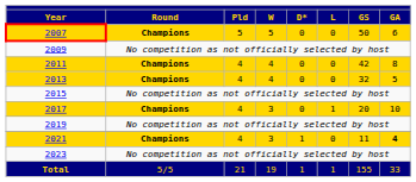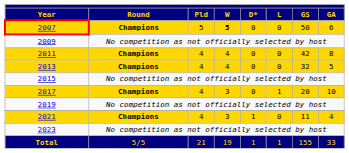 <table class="wikitable" style="text-align: center;font-size:90%;">
 <tr>
 <th style="background:#000080;" colspan=8></th>
 </tr>
 <tr style="color:gold;">
 <th style="background:#000080;" width=125>Year</th>
 <th style="background:#000080;" width=150>Round</th>
 <th style="background:#000080;" width=35>Pld</th>
 <th style="background:#000080;" width=35>W</th>
 <th style="background:#000080;" width=35>D*</th>
 <th style="background:#000080;" width=35>L</th>
 <th style="background:#000080;" width=35>GS</th>
 <th style="background:#000080;" width=35>GA</th>
 </tr>
 <tr>
 </tr>
 <tr bgcolor=gold>
 <td style="border: 3px solid red"> <a href='#'>2007</a></td>
 <td><strong>Champions</strong></td>
 <td>5</td>
-<td>5</td>
+<td><strong>5</strong></td>
 <td>0</td>
 <td>0</td>
 <td>50</td>
 <td>6</td>
 </tr>
 <tr>
 <td> <a href='#'>2009</a></td>
 <td colspan=8><em>No competition as not officially selected by host</em></td>
 </tr>
 <tr bgcolor=gold>
 <td> <a href='#'>2011</a></td>
 <td><strong>Champions</strong></td>
 <td>4</td>
 <td>4</td>
 <td>0</td>
 <td>0</td>
 <td>42</td>
 <td>8</td>
 </tr>
 <tr bgcolor=gold>
 <td> <a href='#'>2013</a></td>
 <td><strong>Champions</strong></td>
 <td>4</td>
 <td>4</td>
 <td>0</td>
 <td>0</td>
 <td>32</td>
 <td>5</td>
 </tr>
 <tr>
 <td> <a href='#'>2015</a></td>
 <td colspan=8><em>No competition as not officially selected by host</em></td>
 </tr>
 <tr bgcolor=gold>
 <td> <a href='#'>2017</a></td>
 <td><strong>Champions</strong></td>
 <td>4</td>
 <td>3</td>
 <td>0</td>
 <td>1</td>
 <td>20</td>
 <td>10</td>
 </tr>
 <tr>
 <td> <a href='#'>2019</a></td>
 <td colspan=8><em>No competition as not officially selected by host</em></td>
 </tr>
 <tr bgcolor="#000080" style="color:gold;">
 </tr>
 <tr bgcolor=gold>
 <td> <a href='#'>2021</a></td>
 <td><strong>Champions</strong></td>
 <td>4</td>
 <td>3</td>
 <td>1</td>
 <td>0</td>
 <td>11</td>
-<td><strong>4</strong></td>
+<td>4</td>
 </tr>
 <tr>
 <td> <a href='#'>2023</a></td>
 <td colspan=8><em>No competition as not officially selected by host</em></td>
 </tr>
 <tr bgcolor="#000080" style="color:gold;">
 <td><strong>Total</strong></td>
 <td>5/5</td>
 <td>21</td>
 <td>19</td>
 <td>1</td>
 <td>1</td>
 <td>155</td>
 <td>33</td>
 </tr>
 </table>
